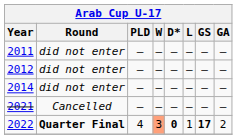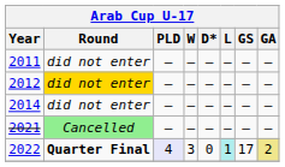 <table class="wikitable" style="text-align: center;font-size:90%;">
 <tr>
 <th colspan=9><a href='#'>Arab Cup U-17</a></th>
 </tr>
 <tr>
 <th>Year</th>
 <th>Round</th>
 <th>PLD</th>
 <th>W</th>
 <th>D*</th>
 <th>L</th>
 <th>GS</th>
 <th>GA</th>
 </tr>
 <tr>
 <td> <a href='#'>2011</a></td>
 <td><em>did not enter</em></td>
 <td>–</td>
 <td>–</td>
 <td>–</td>
 <td>–</td>
 <td>–</td>
 <td>–</td>
 </tr>
 <tr>
 <td> <a href='#'>2012</a></td>
-<td><em>did not enter</em></td>
+<td style="background: gold;"><em>did not enter</em></td>
 <td>–</td>
 <td>–</td>
 <td>–</td>
 <td>–</td>
 <td>–</td>
 <td>–</td>
 </tr>
 <tr>
 <td> <a href='#'>2014</a></td>
 <td><em>did not enter</em></td>
 <td>–</td>
 <td>–</td>
 <td>–</td>
 <td>–</td>
 <td>–</td>
 <td>–</td>
 </tr>
 <tr>
 <td> <s><a href='#'>2021</a></s></td>
-<td><em>Cancelled</em></td>
+<td style="background: lightgreen;"><em>Cancelled</em></td>
 <td>–</td>
 <td>–</td>
 <td>–</td>
 <td>–</td>
 <td>–</td>
 <td>–</td>
 </tr>
 <tr>
 <td> <a href='#'>2022</a></td>
 <td><strong>Quarter Final</strong></td>
-<td>4</td>
-<td style="background: lightsalmon;">3</td>
-<td><strong>0</strong></td>
-<td>1</td>
-<td><strong>17</strong></td>
-<td>2</td>
+<td style="background: lavender;">4</td>
+<td>3</td>
+<td>0</td>
+<td style="background: paleturquoise;">1</td>
+<td>17</td>
+<td style="background: khaki;">2</td>
 </tr>
 <tr>
 </tr>
 </table>
